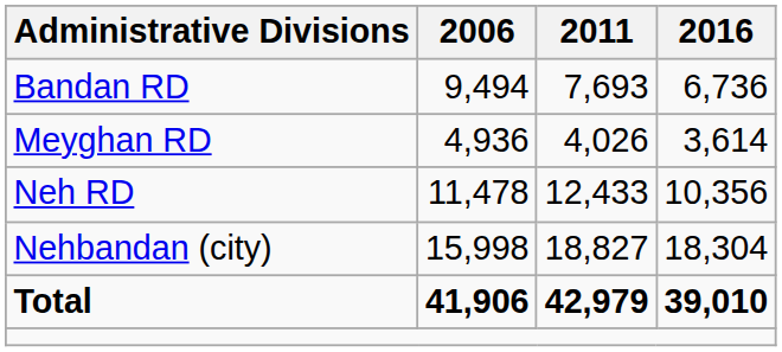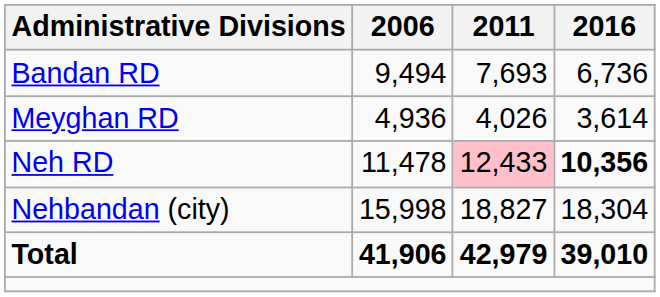 <table class="wikitable">
 <tr>
 <th>Administrative Divisions</th>
 <th>2006</th>
 <th>2011</th>
 <th>2016</th>
 </tr>
 <tr>
 <td><a href='#'>Bandan RD</a></td>
 <td style="text-align: right;">9,494</td>
 <td style="text-align: right;">7,693</td>
 <td style="text-align: right;">6,736</td>
 </tr>
 <tr>
 <td><a href='#'>Meyghan RD</a></td>
 <td style="text-align: right;">4,936</td>
 <td style="text-align: right;">4,026</td>
 <td style="text-align: right;">3,614</td>
 </tr>
 <tr>
 <td><a href='#'>Neh RD</a></td>
 <td style="text-align: right;">11,478</td>
-<td style="text-align: right;">12,433</td>
-<td style="text-align: right;">10,356</td>
+<td style="background: pink; text-align: right;">12,433</td>
+<td style="text-align: right;"><strong>10,356</strong></td>
 </tr>
 <tr>
 <td><a href='#'>Nehbandan</a> (city)</td>
 <td style="text-align: right;">15,998</td>
 <td style="text-align: right;">18,827</td>
 <td style="text-align: right;">18,304</td>
 </tr>
 <tr>
 <td><strong>Total</strong></td>
 <td style="text-align: right;"><strong>41,906</strong></td>
 <td style="text-align: right;"><strong>42,979</strong></td>
 <td style="text-align: right;"><strong>39,010</strong></td>
 </tr>
 <tr>
 <td colspan=4></td>
 </tr>
 </table>
